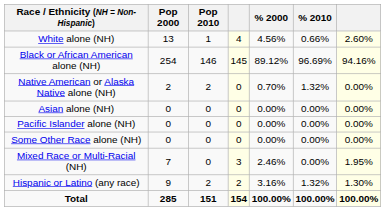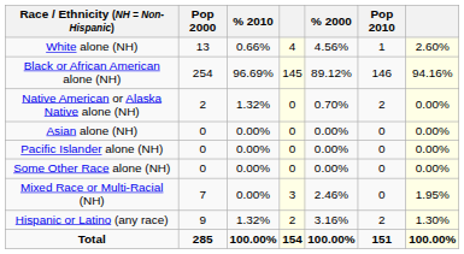 <table class="wikitable" style="text-align:center;">
 <tr>
 <th>Race / Ethnicity <small>(<em>NH = Non-Hispanic</em>)</small></th>
 <th>Pop 2000</th>
-<th>Pop 2010</th>
+<th>% 2010</th>
 <th></th>
 <th>% 2000</th>
-<th>% 2010</th>
+<th>Pop 2010</th>
 <th></th>
 </tr>
 <tr>
 <td><a href='#'>White</a> alone (NH)</td>
 <td>13</td>
-<td>1</td>
+<td>0.66%</td>
 <td style='background: #ffffe6;'>4</td>
 <td>4.56%</td>
-<td>0.66%</td>
+<td>1</td>
 <td style='background: #ffffe6;'>2.60%</td>
 </tr>
 <tr>
 <td><a href='#'>Black or African American</a> alone (NH)</td>
 <td>254</td>
-<td>146</td>
+<td>96.69%</td>
 <td style='background: #ffffe6;'>145</td>
 <td>89.12%</td>
-<td>96.69%</td>
+<td>146</td>
 <td style='background: #ffffe6;'>94.16%</td>
 </tr>
 <tr>
 <td><a href='#'>Native American</a> or <a href='#'>Alaska Native</a> alone (NH)</td>
 <td>2</td>
-<td>2</td>
+<td>1.32%</td>
 <td style='background: #ffffe6;'>0</td>
 <td>0.70%</td>
-<td>1.32%</td>
+<td>2</td>
 <td style='background: #ffffe6;'>0.00%</td>
 </tr>
 <tr>
 <td><a href='#'>Asian</a> alone (NH)</td>
 <td>0</td>
-<td>0</td>
+<td>0.00%</td>
 <td style='background: #ffffe6;'>0</td>
 <td>0.00%</td>
-<td>0.00%</td>
+<td>0</td>
 <td style='background: #ffffe6;'>0.00%</td>
 </tr>
 <tr>
 <td><a href='#'>Pacific Islander</a> alone (NH)</td>
 <td>0</td>
-<td>0</td>
+<td>0.00%</td>
 <td style='background: #ffffe6;'>0</td>
 <td>0.00%</td>
-<td>0.00%</td>
+<td>0</td>
 <td style='background: #ffffe6;'>0.00%</td>
 </tr>
 <tr>
 <td><a href='#'>Some Other Race</a> alone (NH)</td>
 <td>0</td>
-<td>0</td>
+<td>0.00%</td>
 <td style='background: #ffffe6;'>0</td>
 <td>0.00%</td>
-<td>0.00%</td>
+<td>0</td>
 <td style='background: #ffffe6;'>0.00%</td>
 </tr>
 <tr>
 <td><a href='#'>Mixed Race or Multi-Racial</a> (NH)</td>
 <td>7</td>
-<td>0</td>
+<td>0.00%</td>
 <td style='background: #ffffe6;'>3</td>
 <td>2.46%</td>
-<td>0.00%</td>
+<td>0</td>
 <td style='background: #ffffe6;'>1.95%</td>
 </tr>
 <tr>
 <td><a href='#'>Hispanic or Latino</a> (any race)</td>
 <td>9</td>
-<td>2</td>
+<td>1.32%</td>
 <td style='background: #ffffe6;'>2</td>
 <td>3.16%</td>
-<td>1.32%</td>
+<td>2</td>
 <td style='background: #ffffe6;'>1.30%</td>
 </tr>
 <tr>
 <td><strong>Total</strong></td>
 <td><strong>285</strong></td>
-<td><strong>151</strong></td>
+<td><strong>100.00%</strong></td>
 <td style='background: #ffffe6;'><strong>154</strong></td>
 <td><strong>100.00%</strong></td>
-<td><strong>100.00%</strong></td>
+<td><strong>151</strong></td>
 <td style='background: #ffffe6;'><strong>100.00%</strong></td>
 </tr>
 </table>
